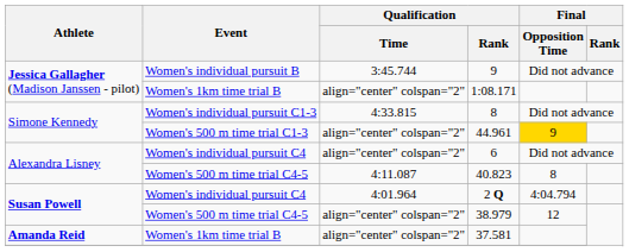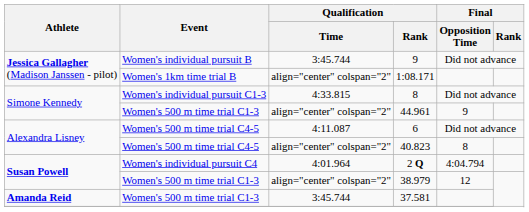 <table class=wikitable>
 <tr>
 <th rowspan="2">Athlete</th>
 <th rowspan="2">Event</th>
 <th colspan="2">Qualification</th>
 <th colspan="2">Final</th>
 </tr>
 <tr>
 <th>Time</th>
 <th>Rank</th>
 <th>Opposition<br>Time</th>
 <th>Rank</th>
 </tr>
 <tr>
 <td rowspan="2"><strong><a href='#'>Jessica Gallagher</a></strong><br>(<a href='#'>Madison Janssen</a> - pilot)</td>
 <td><a href='#'>Women's individual pursuit B</a></td>
 <td align="center">3:45.744</td>
 <td align="center">9</td>
 <td align="center" colspan=2>Did not advance</td>
 </tr>
 <tr>
 <td><a href='#'>Women's 1km time trial B</a></td>
 <td>align="center" colspan="2" </td>
 <td align="center">1:08.171</td>
 <td align="center"></td>
 </tr>
 <tr>
 <td rowspan="2"><a href='#'>Simone Kennedy</a></td>
 <td><a href='#'>Women's individual pursuit C1-3</a></td>
 <td align="center">4:33.815</td>
 <td align="center">8</td>
 <td align="center" colspan=2>Did not advance</td>
 </tr>
 <tr>
 <td><a href='#'>Women's 500 m time trial C1-3</a></td>
 <td>align="center" colspan="2" </td>
 <td align="center">44.961</td>
-<td align="center" style="background: gold;">9</td>
+<td align="center">9</td>
 </tr>
 <tr>
 <td rowspan="2"><a href='#'>Alexandra Lisney</a></td>
-<td><a href='#'>Women's individual pursuit C4</a></td>
-<td>align="center" colspan="2" </td>
+<td><a href='#'>Women's 500 m time trial C4-5</a></td>
+<td align="center">4:11.087</td>
 <td align="center">6</td>
 <td align="center" colspan=2>Did not advance</td>
 </tr>
 <tr>
 <td><a href='#'>Women's 500 m time trial C4-5</a></td>
-<td align="center">4:11.087</td>
+<td>align="center" colspan="2" </td>
 <td align="center">40.823</td>
 <td align="center">8</td>
 </tr>
 <tr>
 <td rowspan="2"><a href='#'><strong>Susan Powell</strong></a></td>
 <td><a href='#'>Women's individual pursuit C4</a></td>
 <td align="center">4:01.964</td>
 <td align="center">2 <strong>Q</strong></td>
 <td align="center">4:04.794</td>
 <td align="center"></td>
 </tr>
 <tr>
-<td><a href='#'>Women's 500 m time trial C4-5</a></td>
+<td><a href='#'>Women's 500 m time trial C1-3</a></td>
 <td>align="center" colspan="2" </td>
 <td align="center">38.979</td>
 <td align="center">12</td>
 </tr>
 <tr>
 <td><strong><a href='#'>Amanda Reid</a></strong></td>
-<td><a href='#'>Women's 1km time trial B</a></td>
-<td>align="center" colspan="2" </td>
+<td><a href='#'>Women's 500 m time trial C1-3</a></td>
+<td align="center">3:45.744</td>
 <td align="center">37.581</td>
 <td align="center"></td>
 </tr>
 <tr>
 </tr>
 </table>
